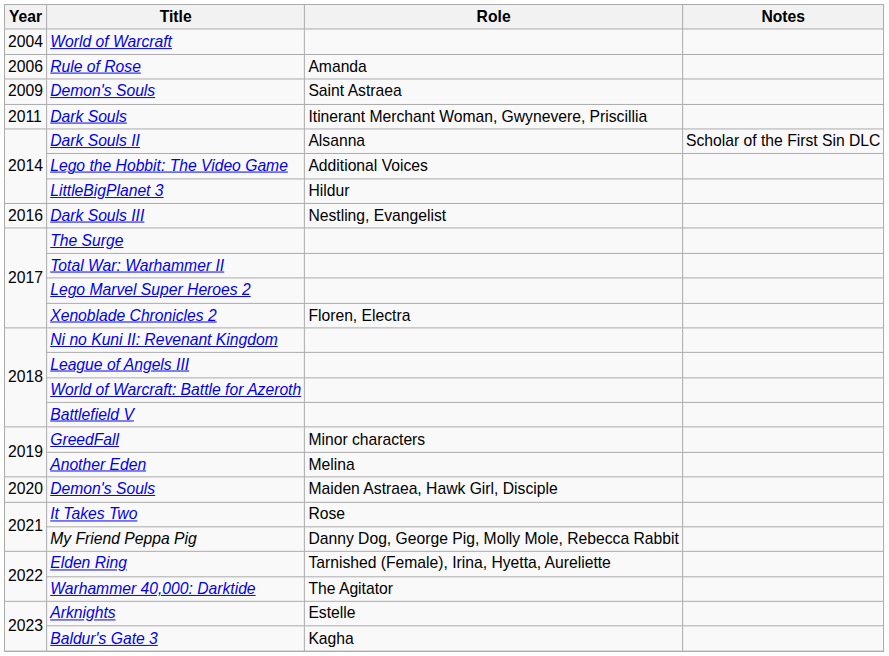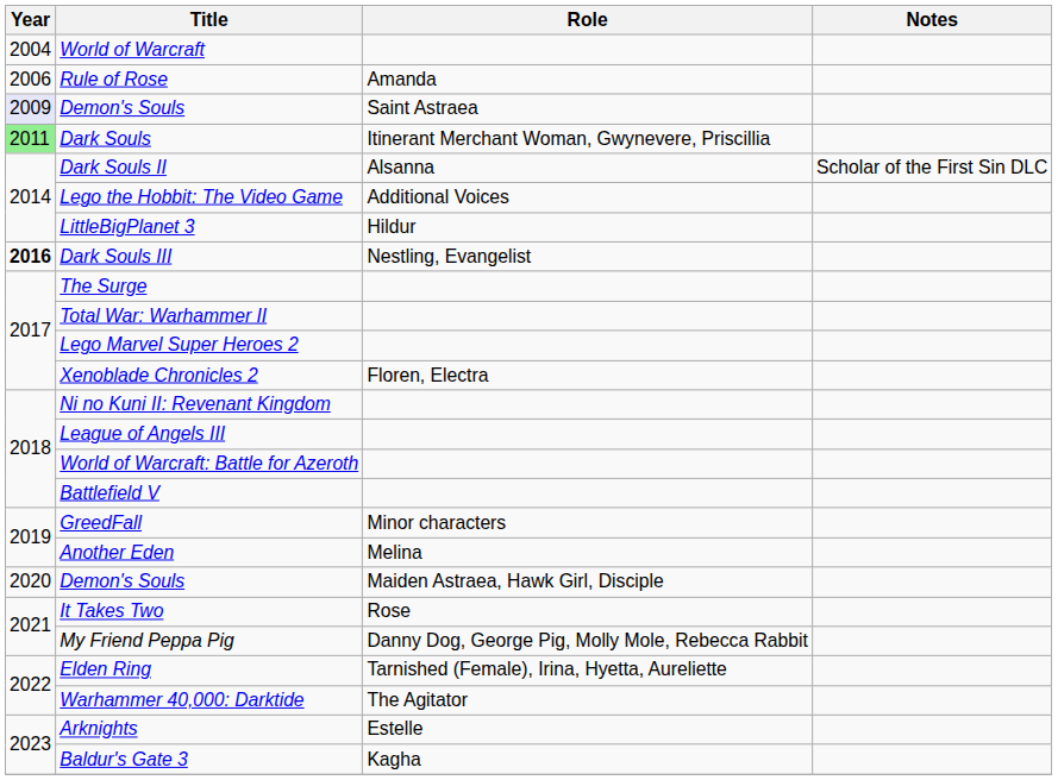 <table class="wikitable sortable">
 <tr>
 <th>Year</th>
 <th>Title</th>
 <th>Role</th>
 <th>Notes</th>
 </tr>
 <tr>
 <td>2004</td>
 <td><em><a href='#'>World of Warcraft</a></em></td>
 <td></td>
 <td></td>
 </tr>
 <tr>
 <td>2006</td>
 <td><em><a href='#'>Rule of Rose</a></em></td>
 <td>Amanda</td>
 <td></td>
 </tr>
 <tr>
-<td>2009</td>
+<td style="background: lavender;">2009</td>
 <td><em><a href='#'>Demon's Souls</a></em></td>
 <td>Saint Astraea</td>
 <td></td>
 </tr>
 <tr>
-<td>2011</td>
+<td style="background: lightgreen;">2011</td>
 <td><em><a href='#'>Dark Souls</a></em></td>
 <td>Itinerant Merchant Woman, Gwynevere, Priscillia</td>
 <td></td>
 </tr>
 <tr>
 <td rowspan="3">2014</td>
 <td><em><a href='#'>Dark Souls II</a></em></td>
 <td>Alsanna</td>
 <td>Scholar of the First Sin DLC</td>
 </tr>
 <tr>
 <td><em><a href='#'>Lego the Hobbit: The Video Game</a></em></td>
 <td>Additional Voices</td>
 <td></td>
 </tr>
 <tr>
 <td><em><a href='#'>LittleBigPlanet 3</a></em></td>
 <td>Hildur</td>
 <td></td>
 </tr>
 <tr>
-<td>2016</td>
+<td><strong>2016</strong></td>
 <td><em><a href='#'>Dark Souls III</a></em></td>
 <td>Nestling, Evangelist</td>
 <td></td>
 </tr>
 <tr>
 <td rowspan="4">2017</td>
 <td><em><a href='#'>The Surge</a></em></td>
 <td></td>
 <td></td>
 </tr>
 <tr>
 <td><em><a href='#'>Total War: Warhammer II</a></em></td>
 <td></td>
 <td></td>
 </tr>
 <tr>
 <td><em><a href='#'>Lego Marvel Super Heroes 2</a></em></td>
 <td></td>
 <td></td>
 </tr>
 <tr>
 <td><em><a href='#'>Xenoblade Chronicles 2</a></em></td>
 <td>Floren, Electra</td>
 <td></td>
 </tr>
 <tr>
 <td rowspan="4">2018</td>
 <td><em><a href='#'>Ni no Kuni II: Revenant Kingdom</a></em></td>
 <td></td>
 <td></td>
 </tr>
 <tr>
 <td><em><a href='#'>League of Angels III</a></em></td>
 <td></td>
 <td></td>
 </tr>
 <tr>
 <td><em><a href='#'>World of Warcraft: Battle for Azeroth</a></em></td>
 <td></td>
 <td></td>
 </tr>
 <tr>
 <td><em><a href='#'>Battlefield V</a></em></td>
 <td></td>
 <td></td>
 </tr>
 <tr>
 <td rowspan="2">2019</td>
 <td><em><a href='#'>GreedFall</a></em></td>
 <td>Minor characters</td>
 <td></td>
 </tr>
 <tr>
 <td><em><a href='#'>Another Eden</a></em></td>
 <td>Melina</td>
 <td></td>
 </tr>
 <tr>
 <td>2020</td>
 <td><em><a href='#'>Demon's Souls</a></em></td>
 <td>Maiden Astraea, Hawk Girl, Disciple</td>
 <td></td>
 </tr>
 <tr>
 <td rowspan="2">2021</td>
 <td><em><a href='#'>It Takes Two</a></em></td>
 <td>Rose</td>
 <td></td>
 </tr>
 <tr>
 <td><em>My Friend Peppa Pig</em></td>
 <td>Danny Dog, George Pig, Molly Mole, Rebecca Rabbit</td>
 <td></td>
 </tr>
 <tr>
 <td rowspan="2">2022</td>
 <td><em><a href='#'>Elden Ring</a></em></td>
 <td>Tarnished (Female), Irina, Hyetta, Aureliette</td>
 <td></td>
 </tr>
 <tr>
 <td><em><a href='#'>Warhammer 40,000: Darktide</a></em></td>
 <td>The Agitator</td>
 </tr>
 <tr>
 <td rowspan="2">2023</td>
 <td><em><a href='#'>Arknights</a></em></td>
 <td>Estelle</td>
 <td></td>
 </tr>
 <tr>
 <td><em><a href='#'>Baldur's Gate 3</a></em></td>
 <td>Kagha</td>
 <td></td>
 </tr>
 <tr>
 </tr>
 </table>
